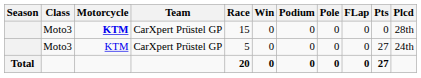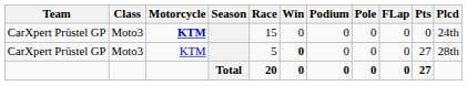 <table class="wikitable" style=text-align:right>
 <tr>
-<th>Season</th>
+<th>Team</th>
 <th>Class</th>
 <th>Motorcycle</th>
-<th>Team</th>
+<th>Season</th>
 <th>Race</th>
 <th>Win</th>
 <th>Podium</th>
 <th>Pole</th>
 <th>FLap</th>
 <th>Pts</th>
 <th>Plcd</th>
 </tr>
 <tr>
-<th></th>
+<td>CarXpert Prüstel GP</td>
 <td>Moto3</td>
 <td><strong><a href='#'>KTM</a></strong></td>
-<td>CarXpert Prüstel GP</td>
+<th></th>
 <td>15</td>
 <td>0</td>
 <td>0</td>
 <td>0</td>
 <td>0</td>
 <td>0</td>
-<td>28th</td>
+<td>24th</td>
 </tr>
 <tr>
-<th></th>
+<td>CarXpert Prüstel GP</td>
 <td>Moto3</td>
 <td><a href='#'>KTM</a></td>
-<td>CarXpert Prüstel GP</td>
+<th></th>
 <td>5</td>
-<td>0</td>
+<td><strong>0</strong></td>
 <td>0</td>
 <td>0</td>
 <td>0</td>
 <td>27</td>
-<td>24th</td>
+<td>28th</td>
 </tr>
 <tr>
-<th>Total</th>
 <td></td>
 <td></td>
 <td></td>
+<th>Total</th>
 <td><strong>20</strong></td>
 <td><strong>0</strong></td>
 <td><strong>0</strong></td>
 <td><strong>0</strong></td>
 <td><strong>0</strong></td>
 <td><strong>27</strong></td>
 <td></td>
 </tr>
 </table>
